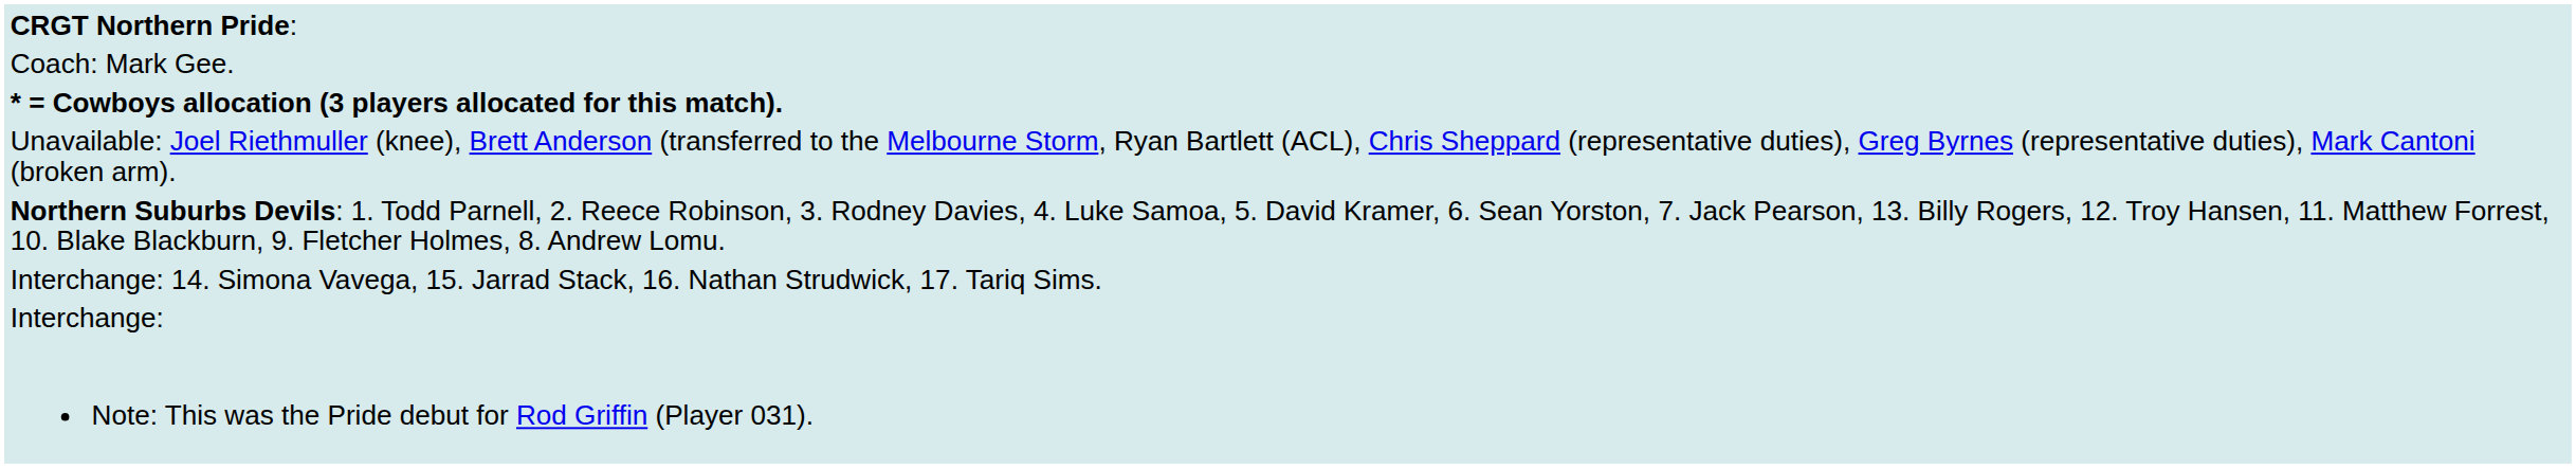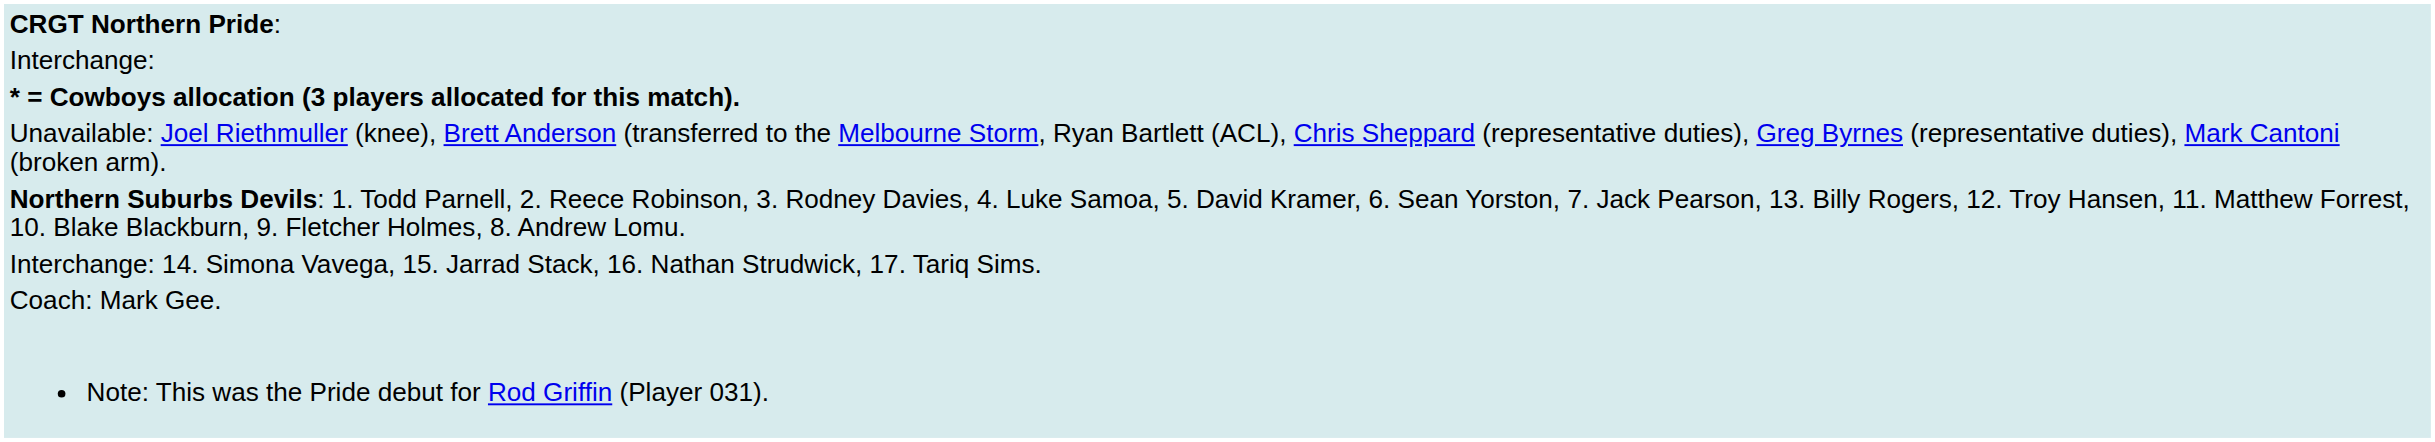 <table style="background:#d7ebed; font-size:85%; width:100%;">
 <tr>
 <td><strong>CRGT Northern Pride</strong>:             </td>
 </tr>
 <tr>
-<td>Coach: Mark Gee.</td>
+<td>Interchange:    </td>
 </tr>
 <tr>
 <td><strong>* = Cowboys allocation (3 players allocated for this match).</strong></td>
 </tr>
 <tr>
 <td>Unavailable: <a href='#'>Joel Riethmuller</a> (knee), <a href='#'>Brett Anderson</a> (transferred to the <a href='#'>Melbourne Storm</a>, Ryan Bartlett (ACL), <a href='#'>Chris Sheppard</a> (representative duties), <a href='#'>Greg Byrnes</a> (representative duties), <a href='#'>Mark Cantoni</a> (broken arm).</td>
 </tr>
 <tr>
 <td><strong>Northern Suburbs Devils</strong>: 1. Todd Parnell, 2. Reece Robinson, 3. Rodney Davies, 4. Luke Samoa, 5. David Kramer, 6. Sean Yorston, 7. Jack Pearson, 13. Billy Rogers, 12. Troy Hansen, 11. Matthew Forrest, 10. Blake Blackburn, 9. Fletcher Holmes, 8. Andrew Lomu.</td>
 </tr>
 <tr>
 <td>Interchange: 14. Simona Vavega, 15. Jarrad Stack, 16. Nathan Strudwick, 17. Tariq Sims.</td>
 </tr>
 <tr>
-<td>Interchange:    </td>
+<td>Coach: Mark Gee.</td>
 </tr>
 <tr>
 <td><br><ul><li>Note: This was the Pride debut for <a href='#'>Rod Griffin</a> (Player 031).</li></ul></td>
 </tr>
 </table>
